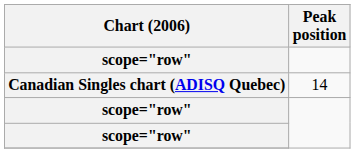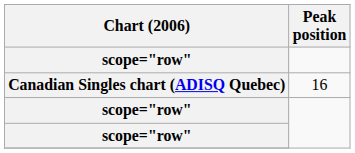 <table class="wikitable sortable plainrowheaders">
 <tr>
 <th>Chart (2006)</th>
 <th>Peak<br>position</th>
 </tr>
 <tr>
 <th>scope="row"</th>
 </tr>
 <tr>
 <th scope="row">Canadian Singles chart (<a href='#'>ADISQ</a> Quebec)</th>
-<td align="center">14</td>
+<td align="center">16</td>
 </tr>
 <tr>
 <th>scope="row"</th>
 </tr>
 <tr>
 <th>scope="row"</th>
 </tr>
 <tr>
 </tr>
 </table>
